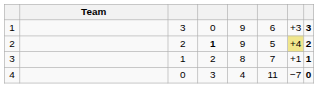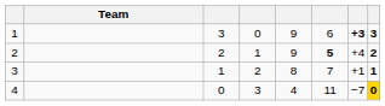 <table class="wikitable" style="text-align:center" width="500">
 <tr>
 <th width="5%"></th>
 <th width="50%">Team</th>
 <th width="10%"></th>
 <th width="10%"></th>
 <th width="10%"></th>
 <th width="10%"></th>
 <th width="10%"></th>
 <th width="10%"></th>
 </tr>
 <tr>
 <td>1</td>
 <td style="text-align:left"></td>
 <td>3</td>
 <td>0</td>
 <td>9</td>
 <td>6</td>
-<td>+3</td>
+<td><strong>+3</strong></td>
 <td><strong>3</strong></td>
 </tr>
 <tr>
 <td>2</td>
 <td style="text-align:left"></td>
 <td>2</td>
-<td><strong>1</strong></td>
+<td>1</td>
 <td>9</td>
-<td>5</td>
-<td style="background: khaki;">+4</td>
+<td><strong>5</strong></td>
+<td>+4</td>
 <td><strong>2</strong></td>
 </tr>
 <tr>
 <td>3</td>
 <td style="text-align:left"></td>
 <td>1</td>
 <td>2</td>
 <td>8</td>
 <td>7</td>
 <td>+1</td>
 <td><strong>1</strong></td>
 </tr>
 <tr>
 <td>4</td>
 <td style="text-align:left"></td>
 <td>0</td>
 <td>3</td>
 <td>4</td>
 <td>11</td>
 <td>−7</td>
-<td><strong>0</strong></td>
+<td style="background: gold;"><strong>0</strong></td>
 </tr>
 </table>
